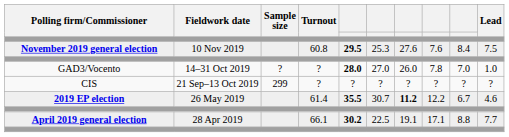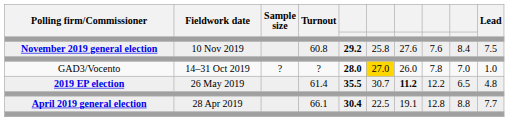 <table class="wikitable collapsible collapsed" style="text-align:center; font-size:95%; line-height:16px;">
 <tr style="height:42px;">
 <th style="width:250px;" rowspan="2">Polling firm/Commissioner</th>
 <th style="width:125px;" rowspan="2">Fieldwork date</th>
 <th style="width:50px;" rowspan="2">Sample size</th>
 <th style="width:45px;" rowspan="2">Turnout</th>
 <th style="width:35px;"></th>
 <th style="width:35px;"></th>
 <th style="width:35px;"></th>
 <th style="width:35px;"></th>
 <th style="width:35px;"></th>
 <th style="width:30px;" rowspan="2">Lead</th>
 </tr>
 <tr>
 <th style="color:inherit;background:"></th>
 <th style="color:inherit;background:"></th>
 <th style="color:inherit;background:"></th>
 <th style="color:inherit;background:"></th>
 <th style="color:inherit;background:"></th>
 </tr>
 <tr>
 <td colspan="10" style="background:#A0A0A0"></td>
 </tr>
 <tr style="background:#EFEFEF;">
 <td><strong><a href='#'>November 2019 general election</a></strong></td>
 <td>10 Nov 2019</td>
 <td></td>
 <td>60.8</td>
-<td><strong>29.5</strong><br></td>
-<td>25.3<br></td>
+<td><strong>29.2</strong><br></td>
+<td>25.8<br></td>
 <td>27.6<br></td>
 <td>7.6<br></td>
 <td>8.4<br></td>
 <td style="background:">7.5</td>
 </tr>
 <tr>
 <td colspan="10" style="background:#A0A0A0"></td>
 </tr>
 <tr>
 <td>GAD3/Vocento</td>
 <td>14–31 Oct 2019</td>
 <td>?</td>
 <td>?</td>
 <td><strong>28.0</strong><br></td>
-<td>27.0<br></td>
+<td style="background: gold;">27.0<br></td>
 <td>26.0<br></td>
 <td>7.8<br></td>
 <td>7.0<br></td>
 <td style="background:">1.0</td>
-</tr>
-<tr>
-<td>CIS</td>
-<td>21 Sep–13 Oct 2019</td>
-<td>299</td>
-<td>?</td>
-<td>?<br></td>
-<td>?<br></td>
-<td>?<br></td>
-<td>?<br></td>
-<td>?<br></td>
-<td style="background:">?</td>
 </tr>
 <tr style="background:#EFEFEF;">
 <td><strong><a href='#'>2019 EP election</a></strong></td>
 <td>26 May 2019</td>
 <td></td>
 <td>61.4</td>
 <td><strong>35.5</strong><br></td>
 <td>30.7<br></td>
 <td><strong>11.2<br></strong></td>
 <td>12.2<br></td>
-<td>6.7<br></td>
-<td style="background:">4.6</td>
+<td>6.5<br></td>
+<td style="background:">4.8</td>
 </tr>
 <tr>
 <td colspan="10" style="background:#A0A0A0"></td>
 </tr>
 <tr style="background:#EFEFEF;">
 <td><strong><a href='#'>April 2019 general election</a></strong></td>
 <td>28 Apr 2019</td>
 <td></td>
 <td>66.1</td>
-<td><strong>30.2</strong><br></td>
+<td><strong>30.4</strong><br></td>
 <td>22.5<br></td>
 <td>19.1<br></td>
-<td>17.1<br></td>
+<td>12.8<br></td>
 <td>8.8<br></td>
 <td style="background:">7.7</td>
 </tr>
 <tr>
 <td colspan="10" style="background:#A0A0A0"></td>
 </tr>
 <tr>
 </tr>
 </table>
